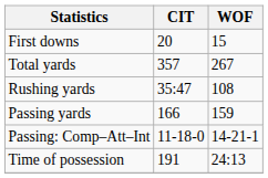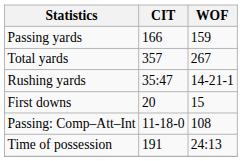 <table class="wikitable" style="float: left;">
 <tr>
 <th>Statistics</th>
 <th>CIT</th>
 <th>WOF</th>
 </tr>
 <tr>
-<td>First downs</td>
-<td>20</td>
-<td>15</td>
+<td>Passing yards</td>
+<td>166</td>
+<td>159</td>
 </tr>
 <tr>
 <td>Total yards</td>
 <td>357</td>
 <td>267</td>
 </tr>
 <tr>
 <td>Rushing yards</td>
 <td>35:47</td>
-<td>108</td>
+<td>14-21-1</td>
 </tr>
 <tr>
-<td>Passing yards</td>
-<td>166</td>
-<td>159</td>
+<td>First downs</td>
+<td>20</td>
+<td>15</td>
 </tr>
 <tr>
 <td>Passing: Comp–Att–Int</td>
 <td>11-18-0</td>
-<td>14-21-1</td>
+<td>108</td>
 </tr>
 <tr>
 <td>Time of possession</td>
 <td>191</td>
 <td>24:13</td>
 </tr>
 <tr>
 </tr>
 </table>
